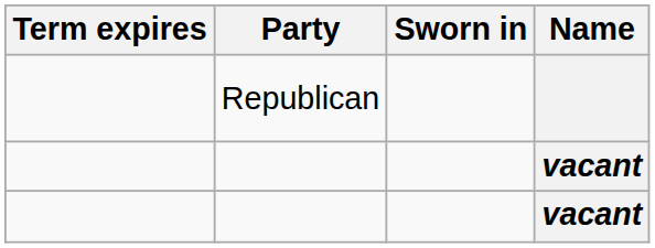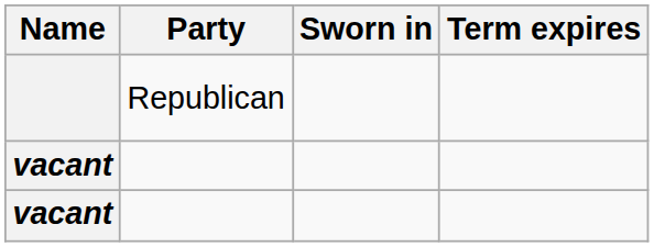 <table class="wikitable sortable plainrowheaders" style="text-align:center">
 <tr>
-<th scope="col" "width:15%">Term expires</th>
+<th scope="col" "width:20%">Name</th>
 <th scope="col" "width:15%">Party</th>
 <th scope="col" "width:15%">Sworn in</th>
-<th scope="col" "width:20%">Name</th>
+<th scope="col" "width:15%">Term expires</th>
 </tr>
 <tr>
-<td></td>
+<th scope="row" style="text-align:center;"><br><br></th>
 <td>Republican</td>
 <td></td>
-<th scope="row" style="text-align:center;"><br><br></th>
+<td></td>
 </tr>
 <tr>
+<th scope="row" style="text-align:center;"><em>vacant</em></th>
 <td></td>
 <td></td>
 <td></td>
-<th scope="row" style="text-align:center;"><em>vacant</em></th>
 </tr>
 <tr>
+<th scope="row" style="text-align:center;"><em>vacant</em></th>
 <td></td>
 <td></td>
 <td></td>
-<th scope="row" style="text-align:center;"><em>vacant</em></th>
 </tr>
 </table>
